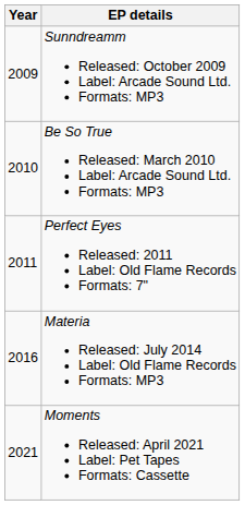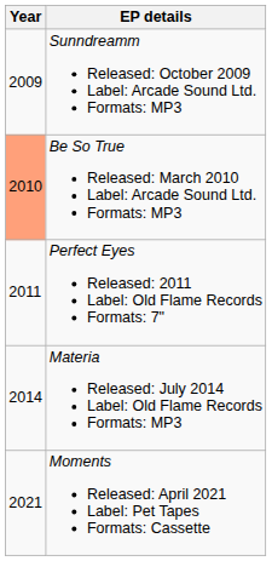 <table class="wikitable">
 <tr>
 <th>Year</th>
 <th>EP details</th>
 </tr>
 <tr>
 <td>2009</td>
 <td><em>Sunndreamm</em><br><ul><li>Released: October 2009</li><li>Label: Arcade Sound Ltd.</li><li>Formats: MP3</li></ul></td>
 </tr>
 <tr>
-<td>2010</td>
+<td style="background: lightsalmon;">2010</td>
 <td><em>Be So True</em><br><ul><li>Released: March 2010</li><li>Label: Arcade Sound Ltd.</li><li>Formats: MP3</li></ul></td>
 </tr>
 <tr>
 <td>2011</td>
 <td><em>Perfect Eyes</em><br><ul><li>Released: 2011</li><li>Label: Old Flame Records</li><li>Formats: 7"</li></ul></td>
 </tr>
 <tr>
-<td>2016</td>
+<td>2014</td>
 <td><em>Materia</em><br><ul><li>Released: July 2014</li><li>Label: Old Flame Records</li><li>Formats: MP3</li></ul></td>
 </tr>
 <tr>
 <td>2021</td>
 <td><em>Moments</em><br><ul><li>Released: April 2021</li><li>Label: Pet Tapes</li><li>Formats: Cassette</li></ul></td>
 </tr>
 </table>
